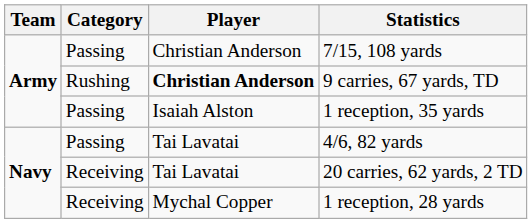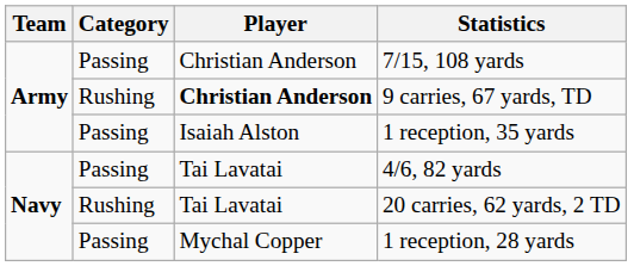 <table class="wikitable" style="float: left;">
 <tr>
 <th>Team</th>
 <th>Category</th>
 <th>Player</th>
 <th>Statistics</th>
 </tr>
 <tr>
 <td rowspan=3><strong>Army</strong></td>
 <td>Passing</td>
 <td>Christian Anderson</td>
 <td>7/15, 108 yards</td>
 </tr>
 <tr>
 <td>Rushing</td>
 <td><strong>Christian Anderson</strong></td>
 <td>9 carries, 67 yards, TD</td>
 </tr>
 <tr>
 <td>Passing</td>
 <td>Isaiah Alston</td>
 <td>1 reception, 35 yards</td>
 </tr>
 <tr>
 <td rowspan=3><strong>Navy</strong></td>
 <td>Passing</td>
 <td>Tai Lavatai</td>
 <td>4/6, 82 yards</td>
 </tr>
 <tr>
-<td>Receiving</td>
+<td>Rushing</td>
 <td>Tai Lavatai</td>
 <td>20 carries, 62 yards, 2 TD</td>
 </tr>
 <tr>
-<td>Receiving</td>
+<td>Passing</td>
 <td>Mychal Copper</td>
 <td>1 reception, 28 yards</td>
 </tr>
 </table>
